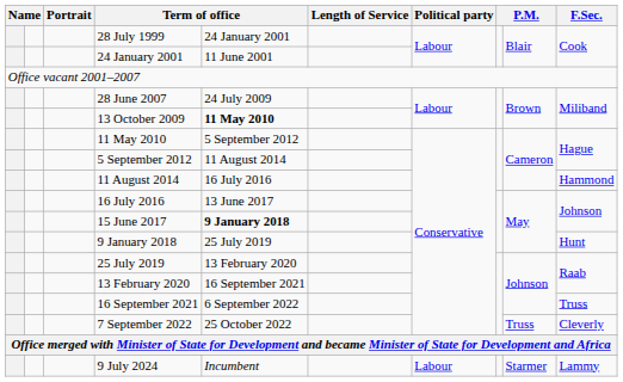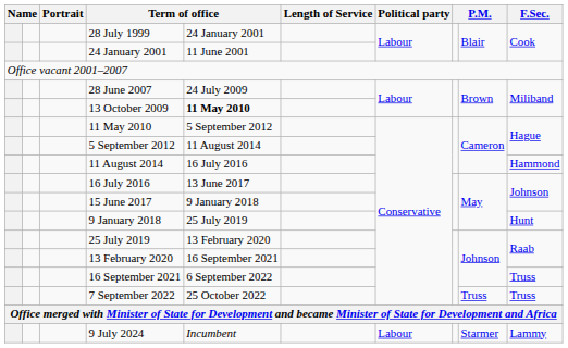 <table class="wikitable" style="text-align:left">
 <tr>
 <th colspan="2">Name</th>
 <th>Portrait</th>
 <th colspan="2">Term of office</th>
 <th>Length of Service</th>
 <th>Political party</th>
 <th colspan="2"><a href='#'>P.M.</a></th>
 <th><a href='#'>F.Sec.</a></th>
 </tr>
 <tr>
 <th style="background-color: "></th>
 <td></td>
 <td></td>
 <td>28 July 1999</td>
 <td>24 January 2001</td>
 <td></td>
 <td rowspan="2"><a href='#'>Labour</a></td>
 <td rowspan="2" style="background-color: "></td>
 <td rowspan="2"><a href='#'>Blair</a></td>
 <td rowspan="2"><a href='#'>Cook</a></td>
 </tr>
 <tr>
 <th style="background-color: "></th>
 <td></td>
 <td></td>
 <td>24 January 2001</td>
 <td>11 June 2001</td>
 <td></td>
 </tr>
 <tr>
 <td colspan="10"><em>Office vacant 2001–2007</em></td>
 </tr>
 <tr>
 <th style="background-color: "></th>
 <td></td>
 <td></td>
 <td>28 June 2007</td>
 <td>24 July 2009</td>
 <td></td>
 <td rowspan="2"><a href='#'>Labour</a></td>
 <td rowspan="2" style="background-color: "></td>
 <td rowspan="2"><a href='#'>Brown</a></td>
 <td rowspan="2"><a href='#'>Miliband</a></td>
 </tr>
 <tr>
 <th style="background-color: "></th>
 <td></td>
 <td></td>
 <td>13 October 2009</td>
 <td><strong>11 May 2010</strong></td>
 <td></td>
 </tr>
 <tr>
 <th style="background-color: "></th>
 <td></td>
 <td></td>
 <td>11 May 2010</td>
 <td>5 September 2012</td>
 <td></td>
 <td rowspan="10"><a href='#'>Conservative</a></td>
 <td rowspan="3" style="background-color: "></td>
 <td rowspan="3"><a href='#'>Cameron</a></td>
 <td rowspan="2"><a href='#'>Hague</a></td>
 </tr>
 <tr>
 <th style="background-color: "></th>
 <td></td>
 <td></td>
 <td>5 September 2012</td>
 <td>11 August 2014</td>
 <td></td>
 </tr>
 <tr>
 <th style="background-color: "></th>
 <td></td>
 <td></td>
 <td>11 August 2014</td>
 <td>16 July 2016</td>
 <td></td>
 <td rowspan="1"><a href='#'>Hammond</a></td>
 </tr>
 <tr>
 <th style="background-color: "></th>
 <td></td>
 <td></td>
 <td>16 July 2016</td>
 <td>13 June 2017</td>
 <td></td>
 <td rowspan="3" style="background-color: "></td>
 <td rowspan="3"><a href='#'>May</a></td>
 <td rowspan="2"><a href='#'>Johnson</a></td>
 </tr>
 <tr>
 <th style="background-color: "></th>
 <td></td>
 <td></td>
 <td>15 June 2017</td>
-<td><strong>9 January 2018</strong></td>
+<td>9 January 2018</td>
 <td></td>
 </tr>
 <tr>
 <th style="background-color: "></th>
 <td></td>
 <td></td>
 <td>9 January 2018</td>
 <td>25 July 2019</td>
 <td></td>
 <td rowspan"1"><a href='#'>Hunt</a></td>
 </tr>
 <tr>
 <th style="background-color: "></th>
 <td></td>
 <td></td>
 <td>25 July 2019</td>
 <td>13 February 2020</td>
 <td></td>
 <td rowspan="4" style="background-color: "></td>
 <td rowspan="3"><a href='#'>Johnson</a></td>
 <td rowspan="2"><a href='#'>Raab</a></td>
 </tr>
 <tr>
 <th style="background-color: "></th>
 <td></td>
 <td></td>
 <td>13 February 2020</td>
 <td>16 September 2021</td>
 <td></td>
 </tr>
 <tr>
 <th style="background-color: "></th>
 <td></td>
 <td></td>
 <td>16 September 2021</td>
 <td>6 September 2022</td>
 <td></td>
 <td rowspan="1"><a href='#'>Truss</a></td>
 </tr>
 <tr>
 <th style="background-color: "></th>
 <td></td>
 <td></td>
 <td>7 September 2022</td>
 <td>25 October 2022</td>
 <td></td>
 <td><a href='#'>Truss</a></td>
-<td rowspan="1"><a href='#'>Cleverly</a></td>
+<td rowspan="1"><a href='#'>Truss</a></td>
 </tr>
 <tr>
 <th colspan="10"><em>Office merged with <a href='#'>Minister of State for Development</a> and became <a href='#'>Minister of State for Development and Africa</a></em></th>
 </tr>
 <tr>
 <th style="background-color: "></th>
 <td></td>
 <td></td>
 <td>9 July 2024</td>
 <td><em>Incumbent</em></td>
 <td></td>
 <td rowspan="2"><a href='#'>Labour</a></td>
 <td rowspan="2" style="background-color: "></td>
 <td rowspan="2"><a href='#'>Starmer</a></td>
 <td rowspan="2"><a href='#'>Lammy</a></td>
 </tr>
 </table>
